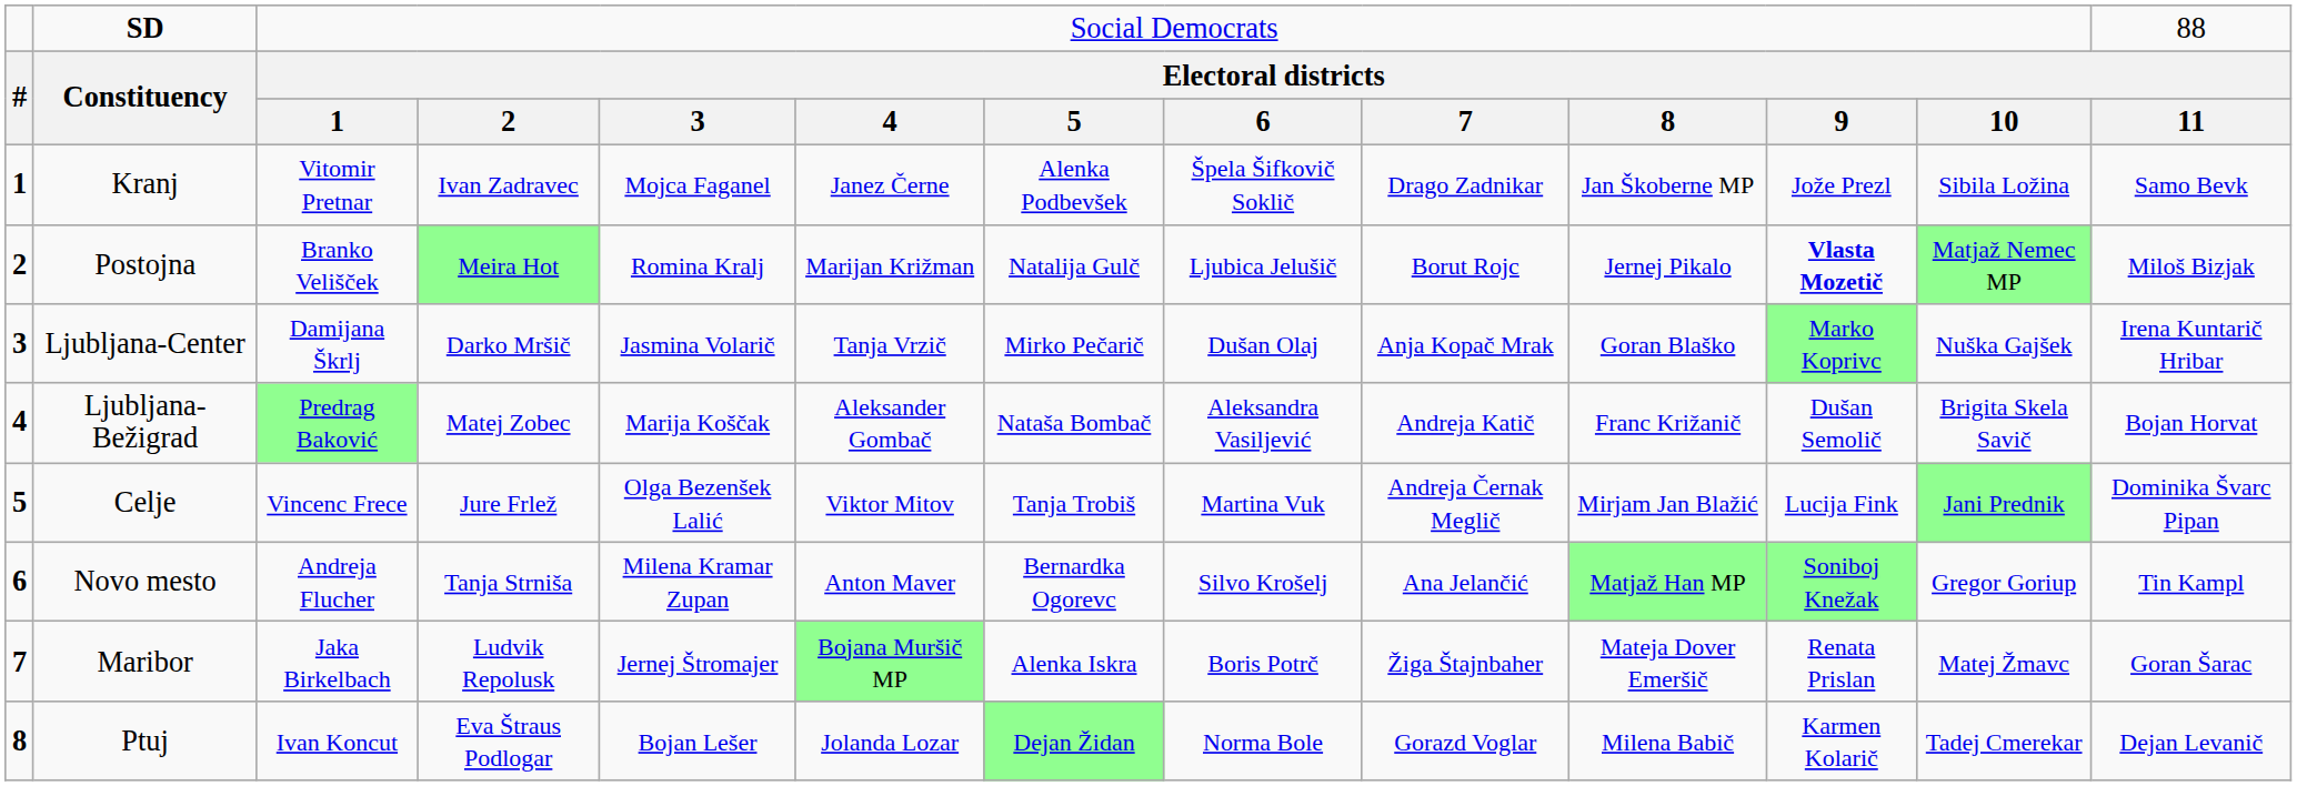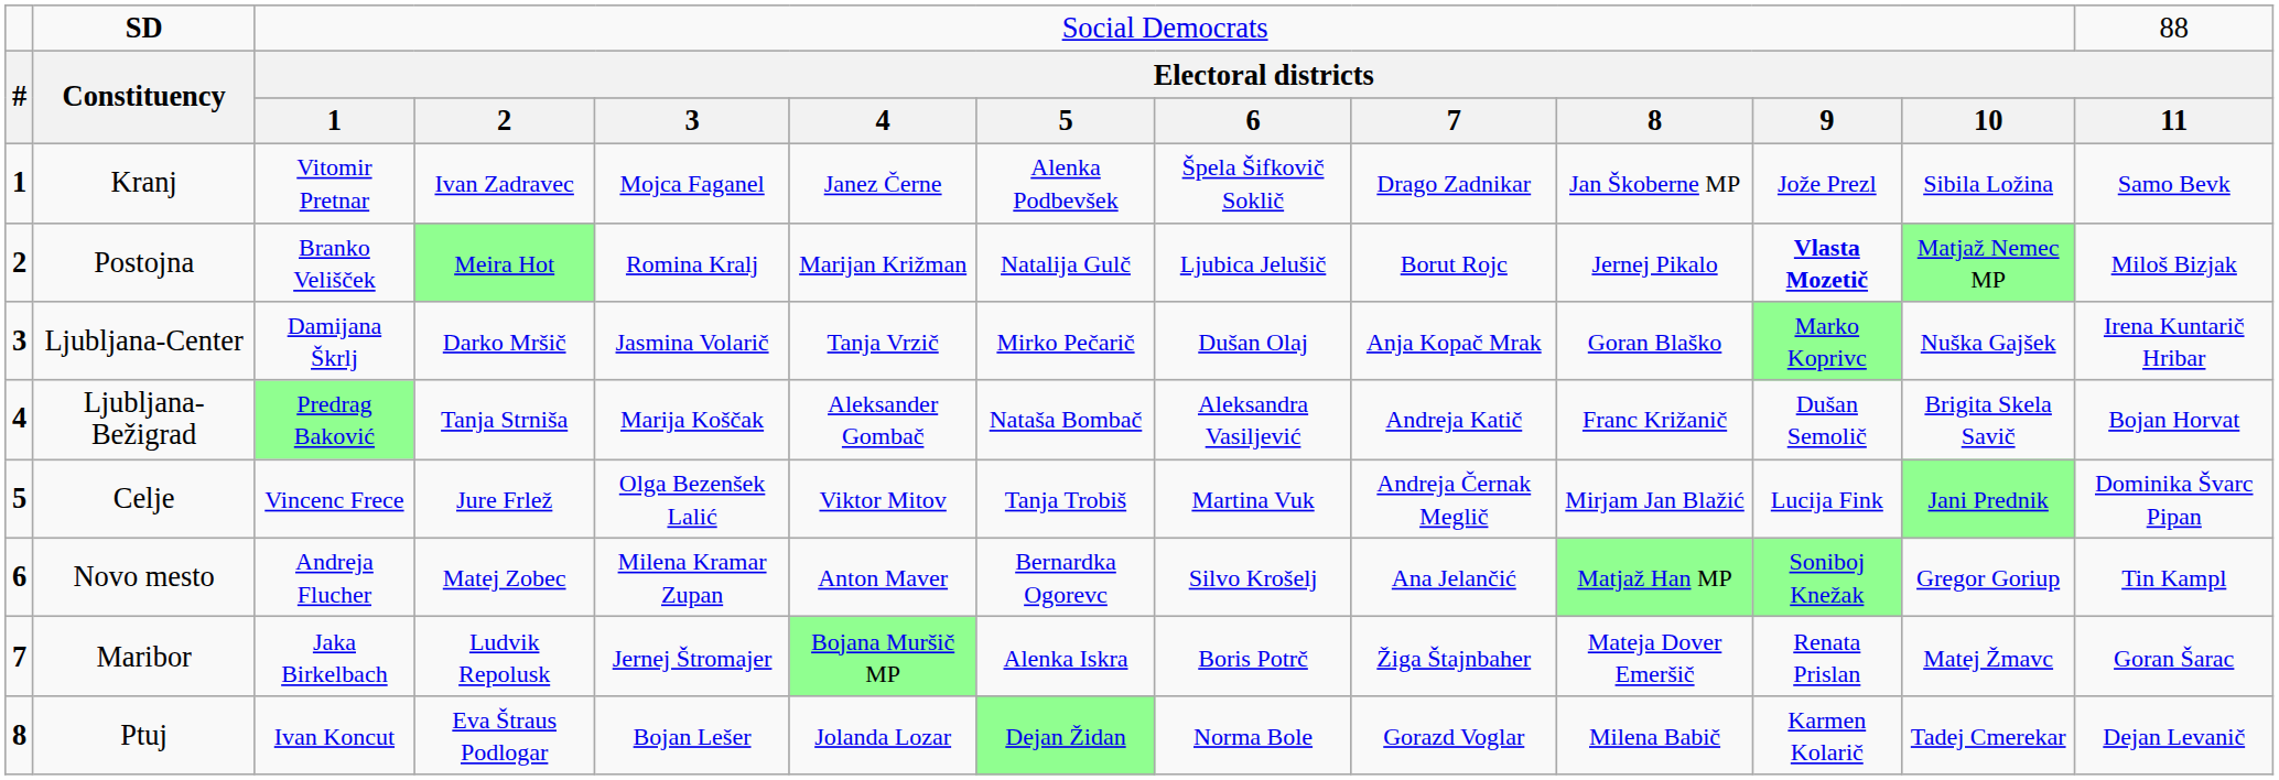 <table class="wikitable" style="text-align: center;">
 <tr>
 <td style="background:"></td>
 <td><strong>SD</strong></td>
 <td colspan="10"><a href='#'>Social Democrats</a><br></td>
 <td>88<br></td>
 </tr>
 <tr>
 <th rowspan="2">#</th>
 <th rowspan="2">Constituency</th>
 <th colspan="11">Electoral districts</th>
 </tr>
 <tr>
 <th>1</th>
 <th>2</th>
 <th>3</th>
 <th>4</th>
 <th>5</th>
 <th>6</th>
 <th>7</th>
 <th>8</th>
 <th>9</th>
 <th>10</th>
 <th>11</th>
 </tr>
 <tr>
 <td style="text-align:center;"><strong>1</strong></td>
 <td>Kranj</td>
 <td><a href='#'><small>Vitomir Pretnar</small></a></td>
 <td><a href='#'><small>Ivan Zadravec</small></a></td>
 <td><a href='#'><small>Mojca Faganel</small></a></td>
 <td><a href='#'><small>Janez Černe</small></a></td>
 <td><a href='#'><small>Alenka Podbevšek</small></a></td>
 <td><a href='#'><small>Špela Šifkovič Soklič</small></a></td>
 <td><a href='#'><small>Drago Zadnikar</small></a></td>
 <td><small><a href='#'>Jan Škoberne</a> MP</small></td>
 <td><a href='#'><small>Jože Prezl</small></a></td>
 <td><a href='#'><small>Sibila Ložina</small></a></td>
 <td><a href='#'><small>Samo Bevk</small></a></td>
 </tr>
 <tr>
 <td style="text-align:center;"><strong>2</strong></td>
 <td>Postojna</td>
 <td><a href='#'><small>Branko Velišček</small></a></td>
 <td style="background:#90FF90;"><a href='#'><small>Meira Hot</small></a></td>
 <td><a href='#'><small>Romina Kralj</small></a></td>
 <td><a href='#'><small>Marijan Križman</small></a></td>
 <td><a href='#'><small>Natalija Gulč</small></a></td>
 <td><a href='#'><small>Ljubica Jelušič</small></a></td>
 <td><a href='#'><small>Borut Rojc</small></a></td>
 <td><a href='#'><small>Jernej Pikalo</small></a></td>
 <td><strong><a href='#'><small>Vlasta Mozetič</small></a></strong></td>
 <td style="background:#90FF90;"><small><a href='#'>Matjaž Nemec</a> MP</small></td>
 <td><a href='#'><small>Miloš Bizjak</small></a></td>
 </tr>
 <tr>
 <td style="text-align:center;"><strong>3</strong></td>
 <td>Ljubljana-Center</td>
 <td><a href='#'><small>Damijana Škrlj</small></a></td>
 <td><a href='#'><small>Darko Mršič</small></a></td>
 <td><a href='#'><small>Jasmina Volarič</small></a></td>
 <td><a href='#'><small>Tanja Vrzič</small></a></td>
 <td><a href='#'><small>Mirko Pečarič</small></a></td>
 <td><a href='#'><small>Dušan Olaj</small></a></td>
 <td><a href='#'><small>Anja Kopač Mrak</small></a></td>
 <td><a href='#'><small>Goran Blaško</small></a></td>
 <td style="background:#90FF90;"><a href='#'><small>Marko Koprivc</small></a></td>
 <td><a href='#'><small>Nuška Gajšek</small></a></td>
 <td><a href='#'><small>Irena Kuntarič Hribar</small></a></td>
 </tr>
 <tr>
 <td style="text-align:center;"><strong>4</strong></td>
 <td>Ljubljana-Bežigrad</td>
 <td style="background:#90FF90;"><a href='#'><small>Predrag Baković</small></a></td>
-<td><a href='#'><small>Matej Zobec</small></a></td>
+<td><a href='#'><small>Tanja Strniša</small></a></td>
 <td><a href='#'><small>Marija Koščak</small></a></td>
 <td><a href='#'><small>Aleksander Gombač</small></a></td>
 <td><a href='#'><small>Nataša Bombač</small></a></td>
 <td><a href='#'><small>Aleksandra Vasiljević</small></a></td>
 <td><a href='#'><small>Andreja Katič</small></a></td>
 <td><a href='#'><small>Franc Križanič</small></a></td>
 <td><a href='#'><small>Dušan Semolič</small></a></td>
 <td><a href='#'><small>Brigita Skela Savič</small></a></td>
 <td><a href='#'><small>Bojan Horvat</small></a></td>
 </tr>
 <tr>
 <td style="text-align:center;"><strong>5</strong></td>
 <td>Celje</td>
 <td><a href='#'><small>Vincenc Frece</small></a></td>
 <td><a href='#'><small>Jure Frlež</small></a></td>
 <td><a href='#'><small>Olga Bezenšek Lalić</small></a></td>
 <td><a href='#'><small>Viktor Mitov</small></a></td>
 <td><a href='#'><small>Tanja Trobiš</small></a></td>
 <td><a href='#'><small>Martina Vuk</small></a></td>
 <td><a href='#'><small>Andreja Černak Meglič</small></a></td>
 <td><small><a href='#'>Mirjam Jan Blažić</a></small></td>
 <td><a href='#'><small>Lucija Fink</small></a></td>
 <td style="background:#90FF90;"><a href='#'><small>Jani Prednik</small></a></td>
 <td><a href='#'><small>Dominika Švarc Pipan</small></a></td>
 </tr>
 <tr>
 <td style="text-align:center;"><strong>6</strong></td>
 <td>Novo mesto</td>
 <td><a href='#'><small>Andreja Flucher</small></a></td>
-<td><a href='#'><small>Tanja Strniša</small></a></td>
+<td><a href='#'><small>Matej Zobec</small></a></td>
 <td><a href='#'><small>Milena Kramar Zupan</small></a></td>
 <td><a href='#'><small>Anton Maver</small></a></td>
 <td><a href='#'><small>Bernardka Ogorevc</small></a></td>
 <td><a href='#'><small>Silvo Krošelj</small></a></td>
 <td><a href='#'><small>Ana Jelančić</small></a></td>
 <td style="background:#90FF90;"><small><a href='#'>Matjaž Han</a> MP</small></td>
 <td style="background:#90FF90;"><a href='#'><small>Soniboj Knežak</small></a></td>
 <td><a href='#'><small>Gregor Goriup</small></a></td>
 <td><a href='#'><small>Tin Kampl</small></a></td>
 </tr>
 <tr>
 <td style="text-align:center;"><strong>7</strong></td>
 <td>Maribor</td>
 <td><a href='#'><small>Jaka Birkelbach</small></a></td>
 <td><a href='#'><small>Ludvik Repolusk</small></a></td>
 <td><a href='#'><small>Jernej Štromajer</small></a></td>
 <td style="background:#90FF90;"><small><a href='#'>Bojana Muršič</a> MP</small></td>
 <td><a href='#'><small>Alenka Iskra</small></a></td>
 <td><a href='#'><small>Boris Potrč</small></a></td>
 <td><a href='#'><small>Žiga Štajnbaher</small></a></td>
 <td><a href='#'><small>Mateja Dover Emeršič</small></a></td>
 <td><a href='#'><small>Renata Prislan</small></a></td>
 <td><a href='#'><small>Matej Žmavc</small></a></td>
 <td><a href='#'><small>Goran Šarac</small></a></td>
 </tr>
 <tr>
 <td style="text-align:center;"><strong>8</strong></td>
 <td>Ptuj</td>
 <td><a href='#'><small>Ivan Koncut</small></a></td>
 <td><small><a href='#'>Eva Štraus Podlogar</a></small></td>
 <td><a href='#'><small>Bojan Lešer</small></a></td>
 <td><a href='#'><small>Jolanda Lozar</small></a></td>
 <td style="background:#90FF90;"><a href='#'><small>Dejan Židan</small></a></td>
 <td><a href='#'><small>Norma Bole</small></a></td>
 <td><a href='#'><small>Gorazd Voglar</small></a></td>
 <td><a href='#'><small>Milena Babič</small></a></td>
 <td><a href='#'><small>Karmen Kolarič</small></a></td>
 <td><a href='#'><small>Tadej Cmerekar</small></a></td>
 <td><a href='#'><small>Dejan Levanič</small></a></td>
 </tr>
 </table>
